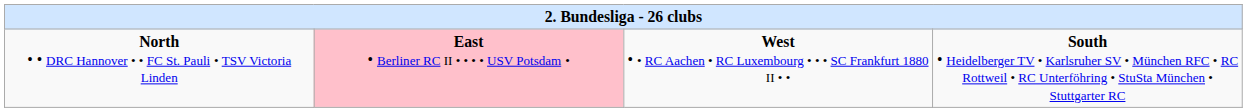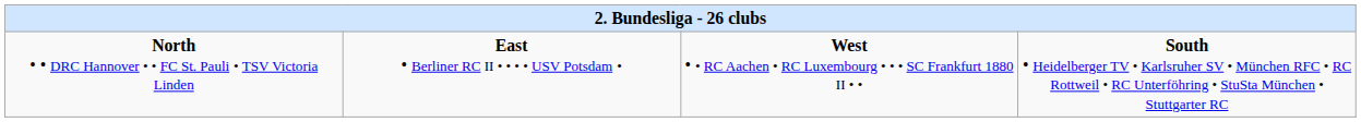 <table class="wikitable" style="border-collapse:collapse; text-align:center; width:100%;">
 <tr>
 <th style="width:95%; background: #D0E6FF;" colspan="4"><strong>2. Bundesliga - 26 clubs</strong></th>
 </tr>
 <tr>
 <td style="width:19%; vertical-align: top;" colspan="1"><strong>North</strong><br>• <small></small> • <small><a href='#'>DRC Hannover</a> •  • <a href='#'>FC St. Pauli</a></small> <small>• <a href='#'>TSV Victoria Linden</a></small></td>
-<td style="background: pink; width:19%; vertical-align: top;" colspan="1"><strong>East</strong><br>• <small><a href='#'>Berliner RC</a> II •  •  •  • <a href='#'>USV Potsdam</a></small> <small>• </small></td>
+<td style="width:19%; vertical-align: top;" colspan="1"><strong>East</strong><br>• <small><a href='#'>Berliner RC</a> II •  •  •  • <a href='#'>USV Potsdam</a></small> <small>• </small></td>
 <td style="width:19%; vertical-align: top;" colspan="1"><strong>West</strong><br>• <small> • <a href='#'>RC Aachen</a> • <a href='#'>RC Luxembourg</a> •  •  • <a href='#'>SC Frankfurt 1880</a> II • </small> <small>• </small></td>
 <td style="width:19%; vertical-align: top;" colspan="1"><strong>South</strong><br>• <small><a href='#'>Heidelberger TV</a> • <a href='#'>Karlsruher SV</a> • <a href='#'>München RFC</a> • <a href='#'>RC Rottweil</a> • <a href='#'>RC Unterföhring</a> • <a href='#'>StuSta München</a> • <a href='#'>Stuttgarter RC</a></small></td>
 </tr>
 </table>
